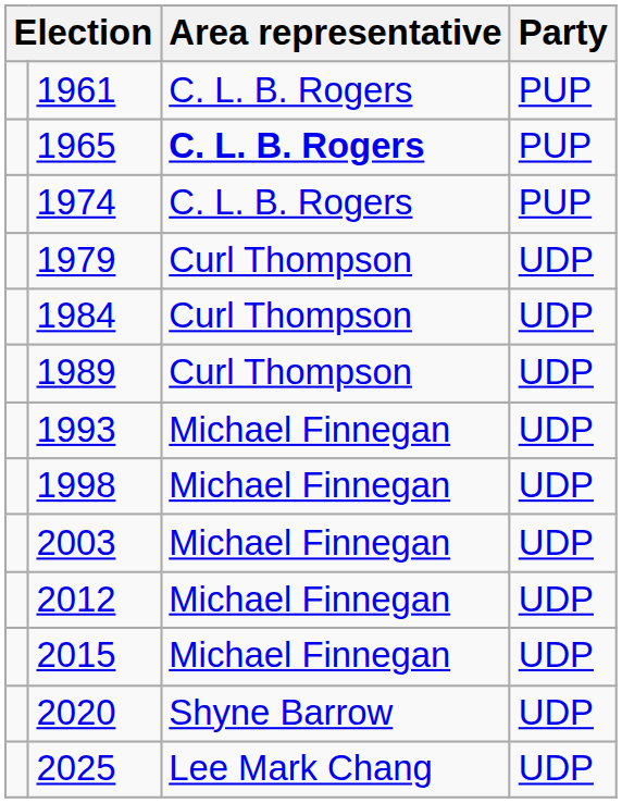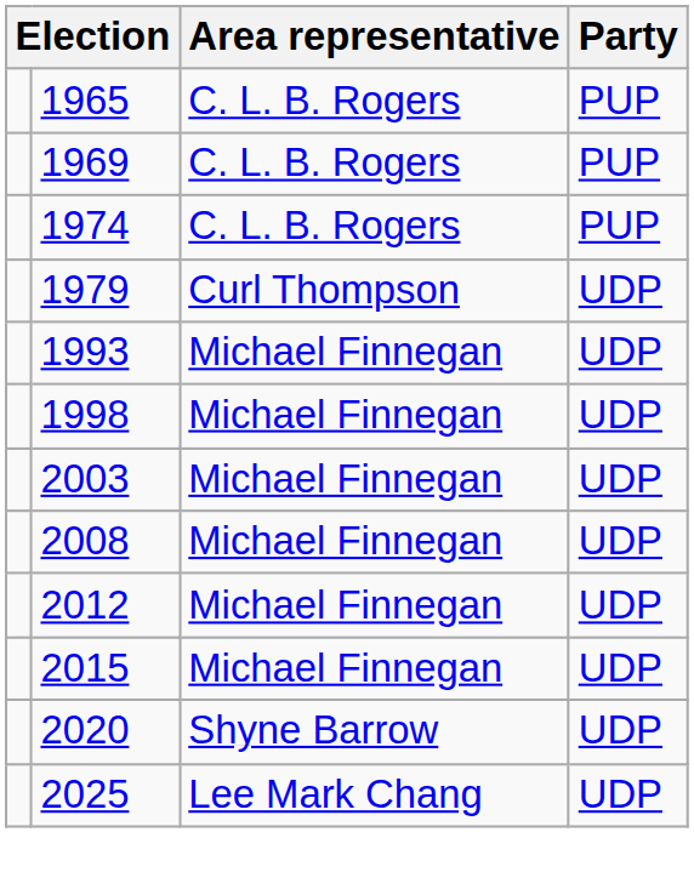 <table class="wikitable">
 <tr>
 <th colspan="2">Election</th>
 <th>Area representative</th>
 <th>Party</th>
 </tr>
 <tr>
 <td style="background-color: "></td>
-<td><a href='#'>1961</a></td>
+<td><a href='#'>1965</a></td>
 <td><a href='#'>C. L. B. Rogers</a></td>
 <td><a href='#'>PUP</a></td>
 </tr>
 <tr>
 <td style="background-color: "></td>
-<td><a href='#'>1965</a></td>
-<td><strong><a href='#'>C. L. B. Rogers</a></strong></td>
+<td><a href='#'>1969</a></td>
+<td><a href='#'>C. L. B. Rogers</a></td>
 <td><a href='#'>PUP</a></td>
 </tr>
 <tr>
 <td style="background-color: "></td>
 <td><a href='#'>1974</a></td>
 <td><a href='#'>C. L. B. Rogers</a></td>
 <td><a href='#'>PUP</a></td>
 </tr>
 <tr>
 <td style="background-color: "></td>
 <td><a href='#'>1979</a></td>
-<td><a href='#'>Curl Thompson</a></td>
-<td><a href='#'>UDP</a></td>
-</tr>
-<tr>
-<td style="background-color: "></td>
-<td><a href='#'>1984</a></td>
-<td><a href='#'>Curl Thompson</a></td>
-<td><a href='#'>UDP</a></td>
-</tr>
-<tr>
-<td style="background-color: "></td>
-<td><a href='#'>1989</a></td>
 <td><a href='#'>Curl Thompson</a></td>
 <td><a href='#'>UDP</a></td>
 </tr>
 <tr>
 <td style="background-color: "></td>
 <td><a href='#'>1993</a></td>
 <td><a href='#'>Michael Finnegan</a></td>
 <td><a href='#'>UDP</a></td>
 </tr>
 <tr>
 <td style="background-color: "></td>
 <td><a href='#'>1998</a></td>
 <td><a href='#'>Michael Finnegan</a></td>
 <td><a href='#'>UDP</a></td>
 </tr>
 <tr>
 <td style="background-color: "></td>
 <td><a href='#'>2003</a></td>
+<td><a href='#'>Michael Finnegan</a></td>
+<td><a href='#'>UDP</a></td>
+</tr>
+<tr>
+<td style="background-color: "></td>
+<td><a href='#'>2008</a></td>
 <td><a href='#'>Michael Finnegan</a></td>
 <td><a href='#'>UDP</a></td>
 </tr>
 <tr>
 <td style="background-color: "></td>
 <td><a href='#'>2012</a></td>
 <td><a href='#'>Michael Finnegan</a></td>
 <td><a href='#'>UDP</a></td>
 </tr>
 <tr>
 <td style="background-color: "></td>
 <td><a href='#'>2015</a></td>
 <td><a href='#'>Michael Finnegan</a></td>
 <td><a href='#'>UDP</a></td>
 </tr>
 <tr>
 <td style="background-color: "></td>
 <td><a href='#'>2020</a></td>
 <td><a href='#'>Shyne Barrow</a></td>
 <td><a href='#'>UDP</a></td>
 </tr>
 <tr>
 <td style="background-color: "></td>
 <td><a href='#'>2025</a></td>
 <td><a href='#'>Lee Mark Chang</a></td>
 <td><a href='#'>UDP</a></td>
 </tr>
 </table>
